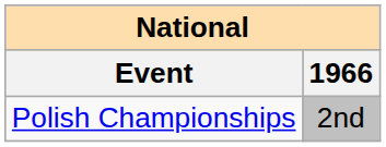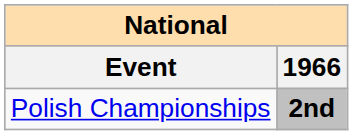 <table class="wikitable" style="text-align:center">
 <tr>
 <th style="background-color: #ffdead; " colspan=2 align=center>National</th>
 </tr>
 <tr>
 <th>Event</th>
 <th>1966</th>
 </tr>
 <tr>
 <td align=left><a href='#'>Polish Championships</a></td>
-<td bgcolor=silver>2nd</td>
+<td bgcolor=silver><strong>2nd</strong></td>
 </tr>
 </table>
